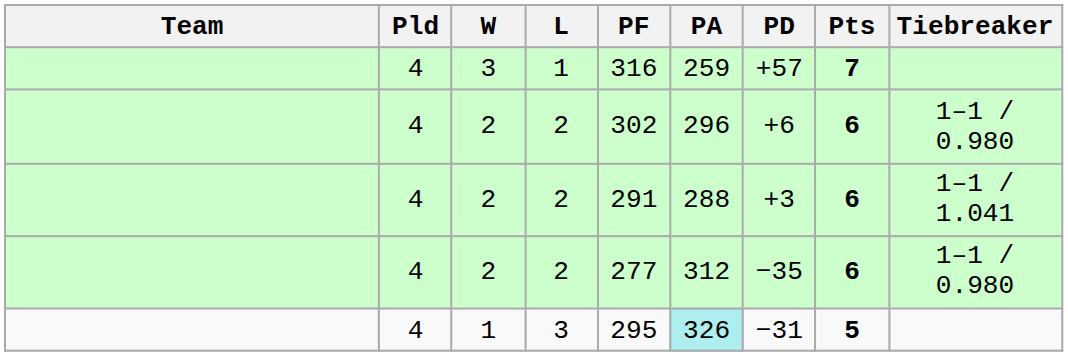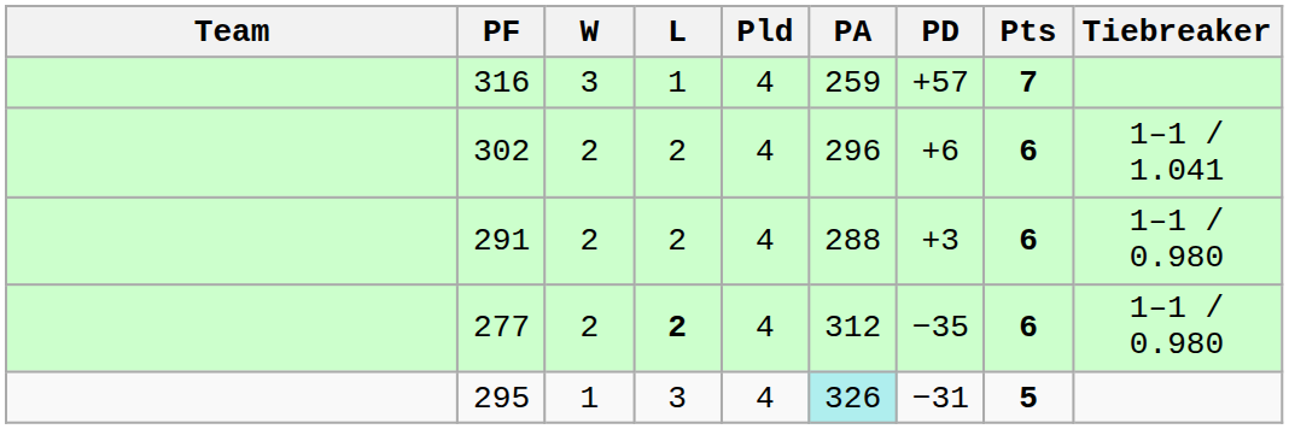 <table class=wikitable style="text-align:center">
 <tr>
 <th width=180>Team</th>
-<th width=30>Pld</th>
+<th width=30>PF</th>
 <th width=30>W</th>
 <th width=30>L</th>
-<th width=30>PF</th>
+<th width=30>Pld</th>
 <th width=30>PA</th>
 <th width=30>PD</th>
 <th width=30>Pts</th>
 <th width=80>Tiebreaker</th>
 </tr>
 <tr bgcolor=#ccffcc>
 <td align=left></td>
-<td>4</td>
+<td>316</td>
 <td>3</td>
 <td>1</td>
-<td>316</td>
+<td>4</td>
 <td>259</td>
 <td>+57</td>
 <td><strong>7</strong></td>
 <td></td>
 </tr>
 <tr bgcolor=#ccffcc>
 <td align=left></td>
-<td>4</td>
+<td>302</td>
 <td>2</td>
 <td>2</td>
-<td>302</td>
+<td>4</td>
 <td>296</td>
 <td>+6</td>
+<td><strong>6</strong></td>
+<td>1–1 / 1.041</td>
+</tr>
+<tr bgcolor=#ccffcc>
+<td align=left></td>
+<td>291</td>
+<td>2</td>
+<td>2</td>
+<td>4</td>
+<td>288</td>
+<td>+3</td>
 <td><strong>6</strong></td>
 <td>1–1 / 0.980</td>
 </tr>
 <tr bgcolor=#ccffcc>
 <td align=left></td>
+<td>277</td>
+<td>2</td>
+<td><strong>2</strong></td>
 <td>4</td>
-<td>2</td>
-<td>2</td>
-<td>291</td>
-<td>288</td>
-<td>+3</td>
-<td><strong>6</strong></td>
-<td>1–1 / 1.041</td>
-</tr>
-<tr bgcolor=#ccffcc>
-<td align=left></td>
-<td>4</td>
-<td>2</td>
-<td>2</td>
-<td>277</td>
 <td>312</td>
 <td>−35</td>
 <td><strong>6</strong></td>
 <td>1–1 / 0.980</td>
 </tr>
 <tr>
 <td align=left></td>
-<td>4</td>
+<td>295</td>
 <td>1</td>
 <td>3</td>
-<td>295</td>
+<td>4</td>
 <td style="background: paleturquoise;">326</td>
 <td>−31</td>
 <td><strong>5</strong></td>
 <td></td>
 </tr>
 </table>
